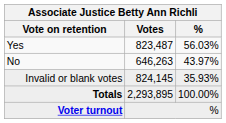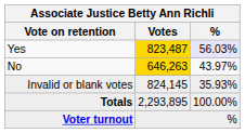 <table class="wikitable" style="font-size: 95%;">
 <tr style="background-color:#E9E9E9">
 <th colspan=7>Associate Justice Betty Ann Richli</th>
 </tr>
 <tr style="background-color:#E9E9E9">
 <th style="width: 170px">Vote on retention</th>
 <th style="width: 50px">Votes</th>
 <th style="width: 40px">%</th>
 </tr>
 <tr>
 <td>Yes</td>
-<td align="right">823,487</td>
-<td align="right">56.03%</td>
+<td align="right" style="background: gold;">823,487</td>
+<td align="right" style="background: lavender;">56.03%</td>
 </tr>
 <tr>
 <td>No</td>
-<td align="right">646,263</td>
+<td align="right" style="background: gold;">646,263</td>
 <td align="right">43.97%</td>
 </tr>
 <tr style="background-color:#EEEEEE">
 <td align="right">Invalid or blank votes</td>
 <td align="right">824,145</td>
 <td align="right">35.93%</td>
 </tr>
 <tr style="background-color:#EEEEEE">
 <td colspan="1" align="right"><strong>Totals</strong></td>
 <td align="right">2,293,895</td>
 <td align="right">100.00%</td>
 </tr>
 <tr style="background-color:#EEEEEE">
 <td align="right"><strong><a href='#'>Voter turnout</a></strong></td>
 <td colspan="2" align="right">%</td>
 </tr>
 </table>
